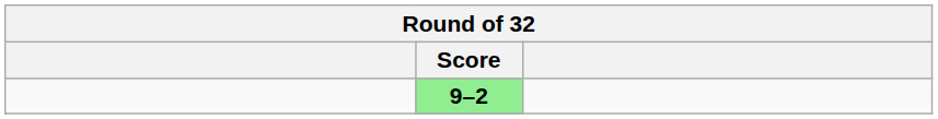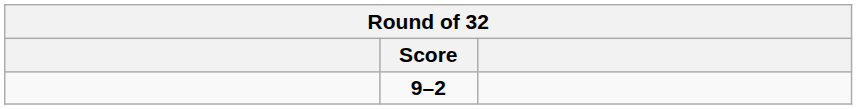 <table class="wikitable" style="text-align: center; font-size:90% ">
 <tr>
 <th colspan=3>Round of 32</th>
 </tr>
 <tr>
 <th align="right" width="250"></th>
 <th width="60">Score</th>
 <th align="left" width="250"></th>
 </tr>
 <tr>
 <td align=left><strong></strong></td>
-<td align=center style="background: lightgreen;"><strong>9–2</strong></td>
+<td align=center><strong>9–2</strong></td>
 <td align=left></td>
 </tr>
 </table>
